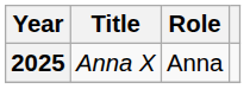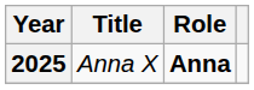 <table class="wikitable plainrowheaders sortable">
 <tr>
 <th scope="col">Year</th>
 <th scope="col">Title</th>
 <th scope="col">Role</th>
 <th scope="col" class="unsortable"></th>
 </tr>
 <tr>
 <th scope="row">2025</th>
 <td><em>Anna X</em></td>
-<td>Anna</td>
+<td><strong>Anna</strong></td>
 <td style="text-align:center"></td>
 </tr>
 <tr>
 </tr>
 </table>
